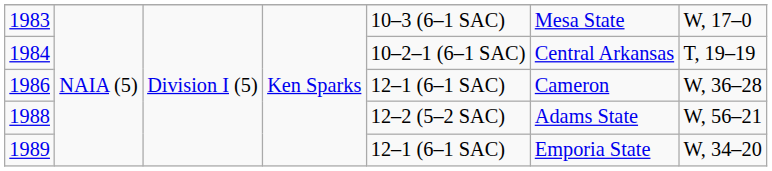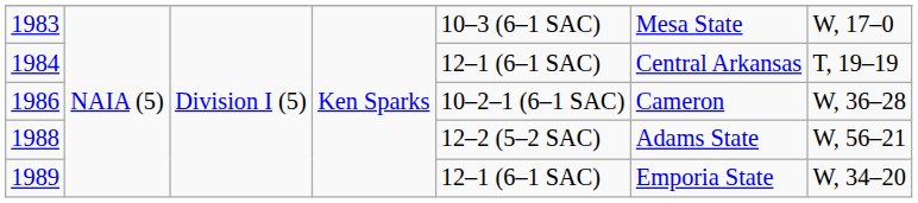 <table class="wikitable">
 <tr>
 </tr>
 <tr>
 <td><a href='#'>1983</a></td>
 <td rowspan=5><a href='#'>NAIA</a> (5)</td>
 <td rowspan=5><a href='#'>Division I</a> (5)</td>
 <td rowspan=5><a href='#'>Ken Sparks</a></td>
 <td>10–3 (6–1 SAC)</td>
 <td><a href='#'>Mesa State</a></td>
 <td>W, 17–0</td>
 </tr>
 <tr>
 <td><a href='#'>1984</a></td>
-<td>10–2–1 (6–1 SAC)</td>
+<td>12–1 (6–1 SAC)</td>
 <td><a href='#'>Central Arkansas</a></td>
 <td>T, 19–19</td>
 </tr>
 <tr>
 <td><a href='#'>1986</a></td>
-<td>12–1 (6–1 SAC)</td>
+<td>10–2–1 (6–1 SAC)</td>
 <td><a href='#'>Cameron</a></td>
 <td>W, 36–28</td>
 </tr>
 <tr>
 <td><a href='#'>1988</a></td>
 <td>12–2 (5–2 SAC)</td>
 <td><a href='#'>Adams State</a></td>
 <td>W, 56–21</td>
 </tr>
 <tr>
 <td><a href='#'>1989</a></td>
 <td>12–1 (6–1 SAC)</td>
 <td><a href='#'>Emporia State</a></td>
 <td>W, 34–20</td>
 </tr>
 </table>
